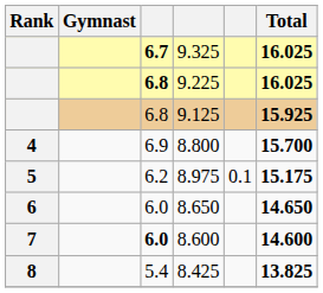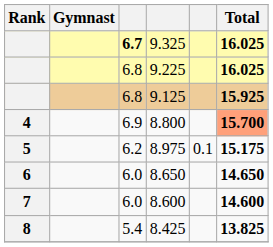 <table class="wikitable sortable" style="text-align:center; font-size:95%">
 <tr>
 <th scope=col>Rank</th>
 <th scope=col>Gymnast</th>
 <th scope=col></th>
 <th scope=col></th>
 <th scope=col></th>
 <th scope=col>Total</th>
 </tr>
 <tr bgcolor=fffcaf>
 <th scope=row style="text-align:center"></th>
 <td align=left></td>
 <td><strong>6.7</strong></td>
 <td>9.325</td>
 <td></td>
 <td><strong>16.025</strong></td>
 </tr>
 <tr bgcolor=fffcaf>
 <th scope=row style="text-align:center"></th>
 <td align=left></td>
-<td><strong>6.8</strong></td>
+<td>6.8</td>
 <td>9.225</td>
 <td></td>
 <td><strong>16.025</strong></td>
 </tr>
 <tr bgcolor=eecc99>
 <th scope=row style="text-align:center"></th>
 <td align=left></td>
 <td>6.8</td>
 <td>9.125</td>
 <td></td>
 <td><strong>15.925</strong></td>
 </tr>
 <tr>
 <th scope=row style="text-align:center">4</th>
 <td align=left></td>
 <td>6.9</td>
 <td>8.800</td>
 <td></td>
-<td><strong>15.700</strong></td>
+<td style="background: lightsalmon;"><strong>15.700</strong></td>
 </tr>
 <tr>
 <th scope=row style="text-align:center">5</th>
 <td align=left></td>
 <td>6.2</td>
 <td>8.975</td>
 <td>0.1</td>
 <td><strong>15.175</strong></td>
 </tr>
 <tr>
 <th scope=row style="text-align:center">6</th>
 <td align=left></td>
 <td>6.0</td>
 <td>8.650</td>
 <td></td>
 <td><strong>14.650</strong></td>
 </tr>
 <tr>
 <th scope=row style="text-align:center">7</th>
 <td align=left></td>
-<td><strong>6.0</strong></td>
+<td>6.0</td>
 <td>8.600</td>
 <td></td>
 <td><strong>14.600</strong></td>
 </tr>
 <tr>
 <th scope=row style="text-align:center">8</th>
 <td align=left></td>
 <td>5.4</td>
 <td>8.425</td>
 <td></td>
 <td><strong>13.825</strong></td>
 </tr>
 <tr>
 </tr>
 </table>
